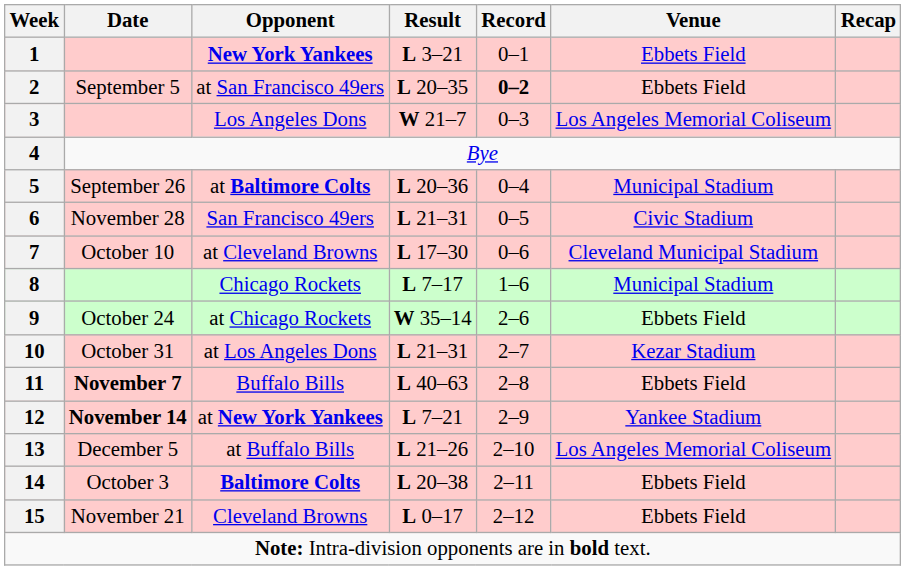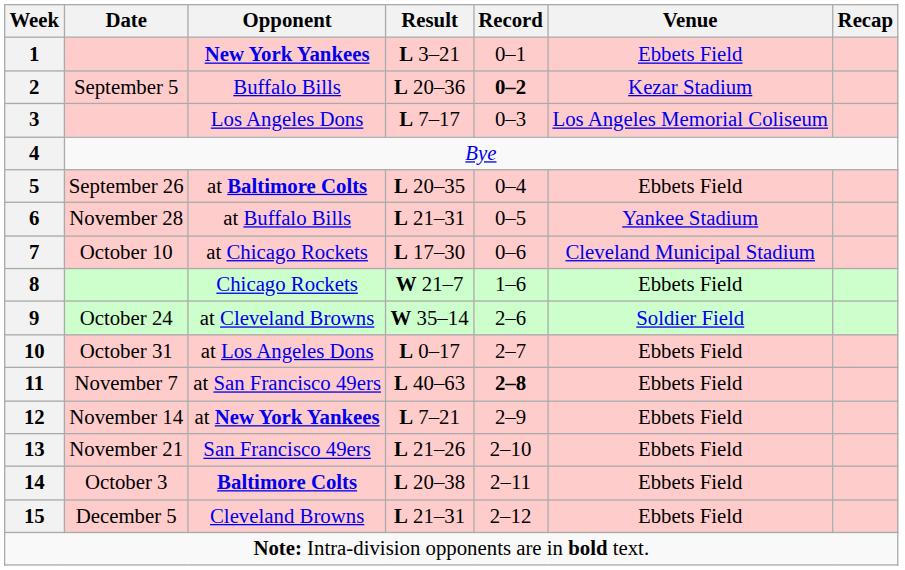 <table class="wikitable" style="text-align:center">
 <tr>
 <th>Week</th>
 <th>Date</th>
 <th>Opponent</th>
 <th>Result</th>
 <th>Record</th>
 <th>Venue</th>
 <th>Recap</th>
 </tr>
 <tr style="background:#fcc">
 <th>1</th>
 <td></td>
 <td><strong><a href='#'>New York Yankees</a></strong></td>
 <td><strong>L</strong> 3–21</td>
 <td>0–1</td>
 <td><a href='#'>Ebbets Field</a></td>
 <td></td>
 </tr>
 <tr style="background:#fcc">
 <th>2</th>
 <td>September 5</td>
-<td>at <a href='#'>San Francisco 49ers</a></td>
-<td><strong>L</strong> 20–35</td>
+<td><a href='#'>Buffalo Bills</a></td>
+<td><strong>L</strong> 20–36</td>
 <td><strong>0–2</strong></td>
-<td>Ebbets Field</td>
+<td><a href='#'>Kezar Stadium</a></td>
 <td></td>
 </tr>
 <tr style="background:#fcc">
 <th>3</th>
 <td></td>
 <td><a href='#'>Los Angeles Dons</a></td>
-<td><strong>W</strong> 21–7</td>
+<td><strong>L</strong> 7–17</td>
 <td>0–3</td>
 <td><a href='#'>Los Angeles Memorial Coliseum</a></td>
 <td></td>
 </tr>
 <tr>
 <th>4</th>
 <td colspan="6"><em><a href='#'>Bye</a></em></td>
 </tr>
 <tr style="background:#fcc">
 <th>5</th>
 <td>September 26</td>
 <td>at <strong><a href='#'>Baltimore Colts</a></strong></td>
-<td><strong>L</strong> 20–36</td>
+<td><strong>L</strong> 20–35</td>
 <td>0–4</td>
-<td><a href='#'>Municipal Stadium</a></td>
+<td>Ebbets Field</td>
 <td></td>
 </tr>
 <tr style="background:#fcc">
 <th>6</th>
 <td>November 28</td>
-<td><a href='#'>San Francisco 49ers</a></td>
+<td>at <a href='#'>Buffalo Bills</a></td>
 <td><strong>L</strong> 21–31</td>
 <td>0–5</td>
-<td><a href='#'>Civic Stadium</a></td>
+<td><a href='#'>Yankee Stadium</a></td>
 <td></td>
 </tr>
 <tr style="background:#fcc">
 <th>7</th>
 <td>October 10</td>
-<td>at <a href='#'>Cleveland Browns</a></td>
+<td>at <a href='#'>Chicago Rockets</a></td>
 <td><strong>L</strong> 17–30</td>
 <td>0–6</td>
 <td><a href='#'>Cleveland Municipal Stadium</a></td>
 <td></td>
 </tr>
 <tr style="background:#cfc">
 <th>8</th>
 <td></td>
 <td><a href='#'>Chicago Rockets</a></td>
-<td><strong>L</strong> 7–17</td>
+<td><strong>W</strong> 21–7</td>
 <td>1–6</td>
-<td><a href='#'>Municipal Stadium</a></td>
+<td>Ebbets Field</td>
 <td></td>
 </tr>
 <tr style="background:#cfc">
 <th>9</th>
 <td>October 24</td>
-<td>at <a href='#'>Chicago Rockets</a></td>
+<td>at <a href='#'>Cleveland Browns</a></td>
 <td><strong>W</strong> 35–14</td>
 <td>2–6</td>
-<td>Ebbets Field</td>
+<td><a href='#'>Soldier Field</a></td>
 <td></td>
 </tr>
 <tr style="background:#fcc">
 <th>10</th>
 <td>October 31</td>
 <td>at <a href='#'>Los Angeles Dons</a></td>
-<td><strong>L</strong> 21–31</td>
+<td><strong>L</strong> 0–17</td>
 <td>2–7</td>
-<td><a href='#'>Kezar Stadium</a></td>
+<td>Ebbets Field</td>
 <td></td>
 </tr>
 <tr style="background:#fcc">
 <th>11</th>
-<td><strong>November 7</strong></td>
-<td><a href='#'>Buffalo Bills</a></td>
+<td>November 7</td>
+<td>at <a href='#'>San Francisco 49ers</a></td>
 <td><strong>L</strong> 40–63</td>
-<td>2–8</td>
+<td><strong>2–8</strong></td>
 <td>Ebbets Field</td>
 <td></td>
 </tr>
 <tr style="background:#fcc">
 <th>12</th>
-<td><strong>November 14</strong></td>
+<td>November 14</td>
 <td>at <strong><a href='#'>New York Yankees</a></strong></td>
 <td><strong>L</strong> 7–21</td>
 <td>2–9</td>
-<td><a href='#'>Yankee Stadium</a></td>
+<td>Ebbets Field</td>
 <td></td>
 </tr>
 <tr style="background:#fcc">
 <th>13</th>
-<td>December 5</td>
-<td>at <a href='#'>Buffalo Bills</a></td>
+<td>November 21</td>
+<td><a href='#'>San Francisco 49ers</a></td>
 <td><strong>L</strong> 21–26</td>
 <td>2–10</td>
-<td><a href='#'>Los Angeles Memorial Coliseum</a></td>
+<td>Ebbets Field</td>
 <td></td>
 </tr>
 <tr style="background:#fcc">
 <th>14</th>
 <td>October 3</td>
 <td><strong><a href='#'>Baltimore Colts</a></strong></td>
 <td><strong>L</strong> 20–38</td>
 <td>2–11</td>
 <td>Ebbets Field</td>
 <td></td>
 </tr>
 <tr style="background:#fcc">
 <th>15</th>
-<td>November 21</td>
+<td>December 5</td>
 <td><a href='#'>Cleveland Browns</a></td>
-<td><strong>L</strong> 0–17</td>
+<td><strong>L</strong> 21–31</td>
 <td>2–12</td>
 <td>Ebbets Field</td>
 <td></td>
 </tr>
 <tr>
 <td colspan="8"><strong>Note:</strong> Intra-division opponents are in <strong>bold</strong> text.</td>
 </tr>
 </table>
